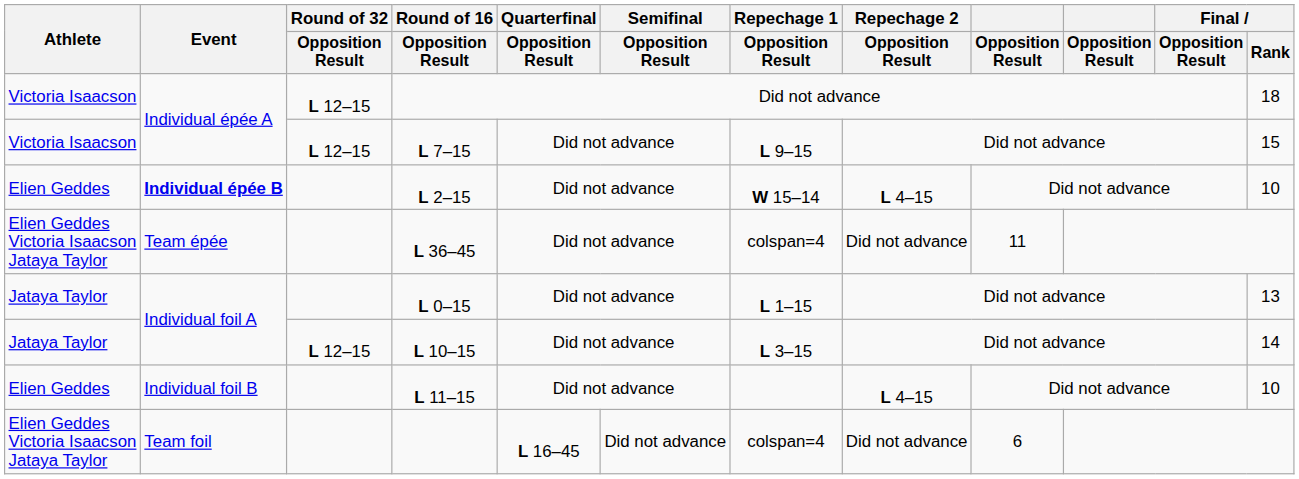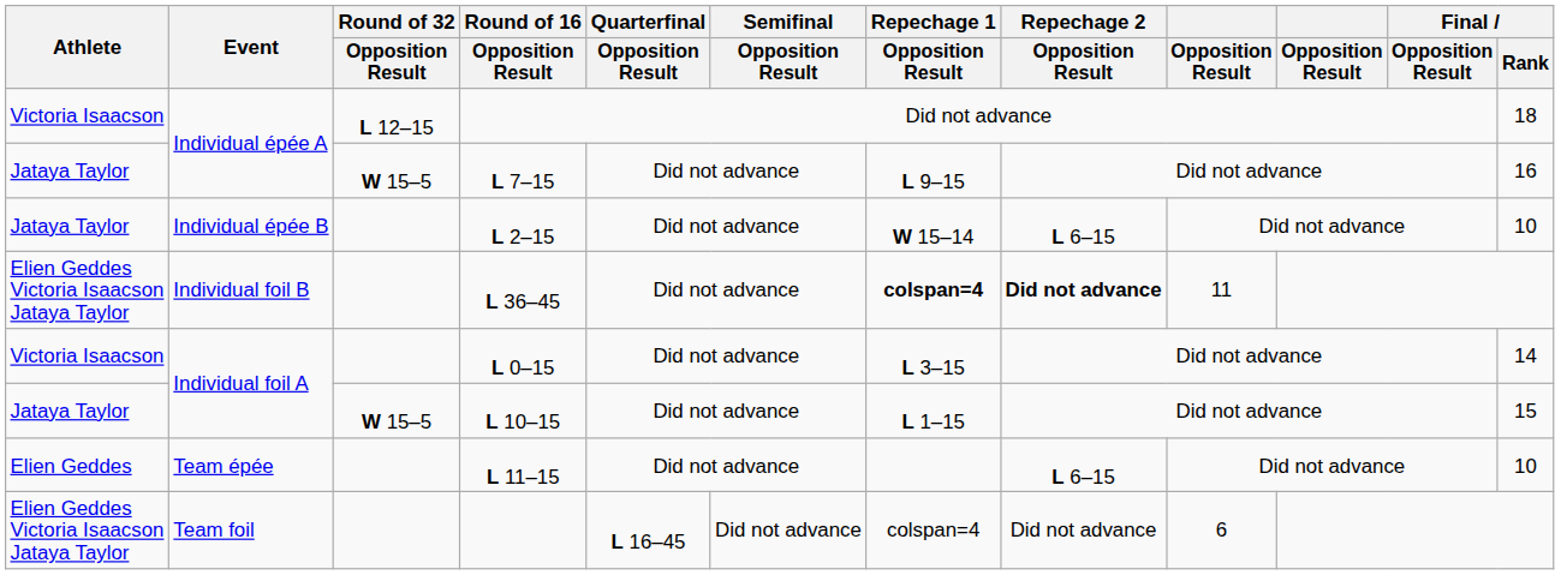 <table class=wikitable style=font-size:90%;text-align:center>
 <tr>
 <th rowspan=2>Athlete</th>
 <th rowspan=2>Event</th>
 <th>Round of 32</th>
 <th>Round of 16</th>
 <th>Quarterfinal</th>
 <th>Semifinal</th>
 <th>Repechage 1</th>
 <th>Repechage 2</th>
 <th></th>
 <th></th>
 <th colspan=2>Final / </th>
 </tr>
 <tr style=font-size:95%>
 <th>Opposition<br>Result</th>
 <th>Opposition<br>Result</th>
 <th>Opposition<br>Result</th>
 <th>Opposition<br>Result</th>
 <th>Opposition<br>Result</th>
 <th>Opposition<br>Result</th>
 <th>Opposition<br>Result</th>
 <th>Opposition<br>Result</th>
 <th>Opposition<br>Result</th>
 <th>Rank</th>
 </tr>
 <tr>
 <td align=left><a href='#'>Victoria Isaacson</a></td>
 <td align=left rowspan=2><a href='#'>Individual épée A</a></td>
 <td><br><strong>L</strong> 12–15</td>
 <td colspan=8>Did not advance</td>
 <td>18</td>
 </tr>
 <tr>
-<td align=left><a href='#'>Victoria Isaacson</a></td>
-<td><br><strong>L</strong> 12–15</td>
+<td align=left><a href='#'>Jataya Taylor</a></td>
+<td><br><strong>W</strong> 15–5</td>
 <td><br><strong>L</strong> 7–15</td>
 <td colspan=2>Did not advance</td>
 <td><br><strong>L</strong> 9–15</td>
 <td colspan=4>Did not advance</td>
-<td>15</td>
+<td>16</td>
 </tr>
 <tr>
-<td align=left><a href='#'>Elien Geddes</a></td>
-<td align=left><strong><a href='#'>Individual épée B</a></strong></td>
+<td align=left><a href='#'>Jataya Taylor</a></td>
+<td align=left><a href='#'>Individual épée B</a></td>
 <td></td>
 <td><br><strong>L</strong> 2–15</td>
 <td colspan=2>Did not advance</td>
 <td><br><strong>W</strong> 15–14</td>
-<td><br><strong>L</strong> 4–15</td>
+<td><br><strong>L</strong> 6–15</td>
 <td colspan=3>Did not advance</td>
 <td>10</td>
 </tr>
 <tr>
 <td align=left><a href='#'>Elien Geddes</a><br><a href='#'>Victoria Isaacson</a><br><a href='#'>Jataya Taylor</a></td>
-<td align=left><a href='#'>Team épée</a></td>
+<td align=left><a href='#'>Individual foil B</a></td>
 <td></td>
 <td><br><strong>L</strong> 36–45</td>
 <td colspan=2>Did not advance</td>
-<td>colspan=4 </td>
-<td>Did not advance</td>
+<td><strong>colspan=4 </strong></td>
+<td><strong>Did not advance</strong></td>
 <td>11</td>
 </tr>
 <tr>
-<td align=left><a href='#'>Jataya Taylor</a></td>
+<td align=left><a href='#'>Victoria Isaacson</a></td>
 <td align=left rowspan=2><a href='#'>Individual foil A</a></td>
 <td></td>
 <td><br><strong>L</strong> 0–15</td>
-<td colspan=2>Did not advance</td>
-<td><br><strong>L</strong> 1–15</td>
-<td colspan=4>Did not advance</td>
-<td>13</td>
-</tr>
-<tr>
-<td align=left><a href='#'>Jataya Taylor</a></td>
-<td><br><strong>L</strong> 12–15</td>
-<td><br><strong>L</strong> 10–15</td>
 <td colspan=2>Did not advance</td>
 <td><br><strong>L</strong> 3–15</td>
 <td colspan=4>Did not advance</td>
 <td>14</td>
 </tr>
 <tr>
+<td align=left><a href='#'>Jataya Taylor</a></td>
+<td><br><strong>W</strong> 15–5</td>
+<td><br><strong>L</strong> 10–15</td>
+<td colspan=2>Did not advance</td>
+<td><br><strong>L</strong> 1–15</td>
+<td colspan=4>Did not advance</td>
+<td>15</td>
+</tr>
+<tr>
 <td align=left><a href='#'>Elien Geddes</a></td>
-<td align=left><a href='#'>Individual foil B</a></td>
+<td align=left><a href='#'>Team épée</a></td>
 <td></td>
 <td><br><strong>L</strong> 11–15</td>
 <td colspan=2>Did not advance</td>
 <td></td>
-<td><br><strong>L</strong> 4–15</td>
+<td><br><strong>L</strong> 6–15</td>
 <td colspan=3>Did not advance</td>
 <td>10</td>
 </tr>
 <tr>
 <td align=left><a href='#'>Elien Geddes</a><br><a href='#'>Victoria Isaacson</a><br><a href='#'>Jataya Taylor</a></td>
 <td align=left><a href='#'>Team foil</a></td>
 <td></td>
 <td></td>
 <td><br><strong>L</strong> 16–45</td>
 <td>Did not advance</td>
 <td>colspan=4 </td>
 <td>Did not advance</td>
 <td>6</td>
 </tr>
 </table>
